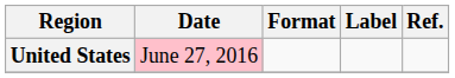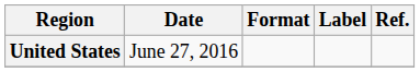 <table class="wikitable plainrowheaders">
 <tr>
 <th>Region</th>
 <th>Date</th>
 <th>Format</th>
 <th>Label</th>
 <th>Ref.</th>
 </tr>
 <tr>
 <th scope="row">United States</th>
-<td rowspan="1" style="background: pink;">June 27, 2016</td>
+<td rowspan="1">June 27, 2016</td>
 <td rowspan="1"></td>
 <td rowspan="1"></td>
 <td><br></td>
 </tr>
 <tr>
 </tr>
 </table>
